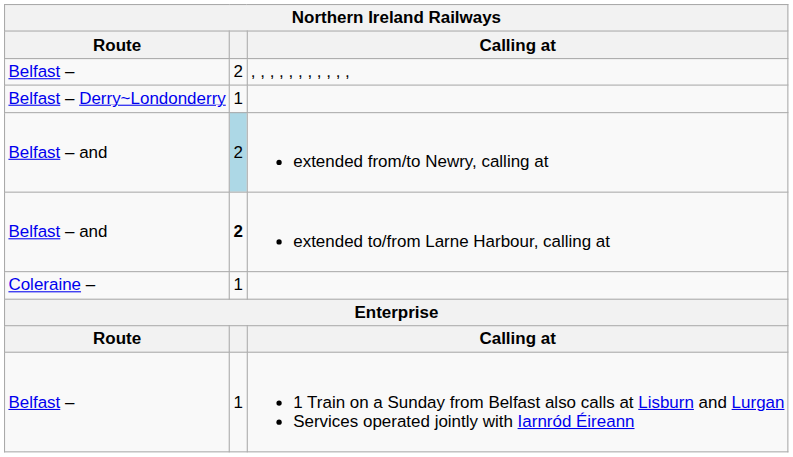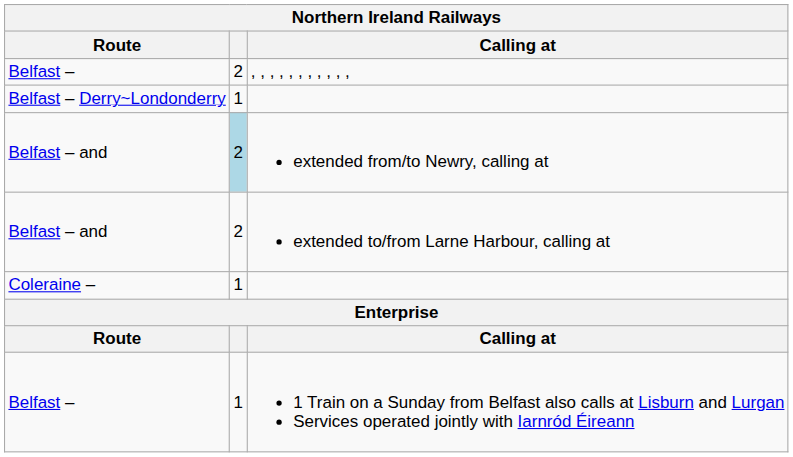 <table class="wikitable">
 <tr>
 <th colspan="4">Northern Ireland Railways </th>
 </tr>
 <tr>
 <th>Route</th>
 <th></th>
 <th>Calling at</th>
 </tr>
 <tr>
 <td><a href='#'>Belfast</a> – </td>
 <td>2</td>
 <td>, , , , , , , , , , , </td>
 </tr>
 <tr>
 <td><a href='#'>Belfast</a> – <a href='#'>Derry~Londonderry</a></td>
 <td>1</td>
 <td></td>
 </tr>
 <tr>
 <td><a href='#'>Belfast</a> –  and </td>
 <td style="background: lightblue;">2</td>
 <td><br><ul><li> extended from/to Newry, calling at </li></ul></td>
 </tr>
 <tr>
 <td><a href='#'>Belfast</a> –  and </td>
-<td><strong>2</strong></td>
+<td>2</td>
 <td><br><ul><li> extended to/from Larne Harbour, calling at </li></ul></td>
 </tr>
 <tr>
 <td><a href='#'>Coleraine</a> – </td>
 <td>1</td>
 <td></td>
 </tr>
 <tr>
 <th colspan="4">Enterprise</th>
 </tr>
 <tr>
 <th>Route</th>
 <th></th>
 <th>Calling at</th>
 </tr>
 <tr>
 <td><a href='#'>Belfast</a> – </td>
 <td>1</td>
 <td><br><ul><li>1 Train on a Sunday from Belfast also calls at <a href='#'>Lisburn</a> and <a href='#'>Lurgan</a></li><li>Services operated jointly with <a href='#'>Iarnród Éireann</a></li></ul></td>
 </tr>
 </table>
